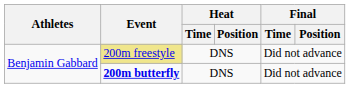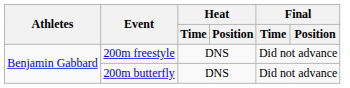 <table class="wikitable" border="1" style="font-size:90%">
 <tr>
 <th rowspan=2>Athletes</th>
 <th rowspan=2>Event</th>
 <th colspan=2>Heat</th>
 <th colspan=2>Final</th>
 </tr>
 <tr>
 <th>Time</th>
 <th>Position</th>
 <th>Time</th>
 <th>Position</th>
 </tr>
 <tr>
 <td rowspan=2><a href='#'>Benjamin Gabbard</a></td>
-<td style="background: khaki;"><a href='#'>200m freestyle</a></td>
+<td><a href='#'>200m freestyle</a></td>
 <td colspan="2" align=center>DNS</td>
 <td colspan="2" align=center>Did not advance</td>
 </tr>
 <tr>
-<td><strong><a href='#'>200m butterfly</a></strong></td>
+<td><a href='#'>200m butterfly</a></td>
 <td colspan="2" align=center>DNS</td>
 <td colspan="2" align=center>Did not advance</td>
 </tr>
 </table>
